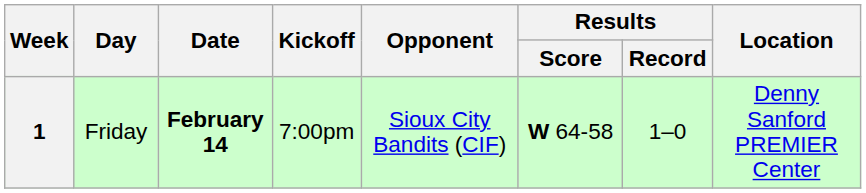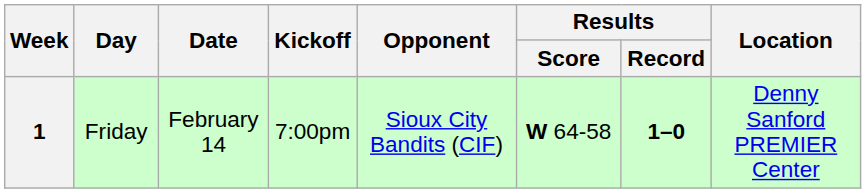 <table class="wikitable">
 <tr>
 <th rowspan="2" width="40">Week</th>
 <th rowspan="2" width="80">Day</th>
 <th rowspan="2" width="90">Date</th>
 <th rowspan="2" width="60">Kickoff</th>
 <th rowspan="2" width="200">Opponent</th>
 <th colspan="2" width="200">Results</th>
 <th rowspan="2" width="180">Location</th>
 </tr>
 <tr>
 <th width="140">Score</th>
 <th width="60">Record</th>
 </tr>
 <tr align="center" bgcolor="#CCFFCC">
 <th>1</th>
 <td>Friday</td>
-<td><strong>February 14</strong></td>
+<td>February 14</td>
 <td>7:00pm</td>
 <td><a href='#'>Sioux City Bandits</a> (<a href='#'>CIF</a>)</td>
 <td><strong>W</strong> 64-58</td>
-<td>1–0</td>
+<td><strong>1–0</strong></td>
 <td><a href='#'>Denny Sanford PREMIER Center</a></td>
 </tr>
 </table>
